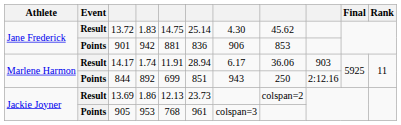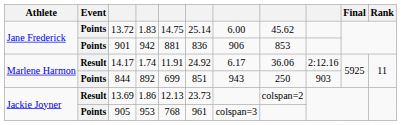 <table class=wikitable style=font-size:90%>
 <tr>
 <th>Athlete</th>
 <th>Event</th>
 <th></th>
 <th></th>
 <th></th>
 <th></th>
 <th></th>
 <th></th>
 <th></th>
 <th>Final</th>
 <th>Rank</th>
 </tr>
 <tr align=center>
 <td rowspan=2 style=text-align:left><a href='#'>Jane Frederick</a></td>
-<th style=font-size:95%>Result</th>
+<th style=font-size:95%>Points</th>
 <td>13.72</td>
 <td>1.83</td>
 <td>14.75</td>
 <td>25.14</td>
-<td>4.30</td>
+<td>6.00</td>
 <td>45.62</td>
 <td></td>
 <td rowspan=2 colspan=2></td>
 </tr>
 <tr align=center>
 <th style=font-size:95%>Points</th>
 <td>901</td>
 <td>942</td>
 <td>881</td>
 <td>836</td>
 <td>906</td>
 <td>853</td>
 <td></td>
 </tr>
 <tr align=center>
 <td rowspan=2 style=text-align:left><a href='#'>Marlene Harmon</a></td>
 <th style=font-size:95%>Result</th>
 <td>14.17</td>
 <td>1.74</td>
 <td>11.91</td>
-<td>28.94</td>
+<td>24.92</td>
 <td>6.17</td>
 <td>36.06</td>
-<td>903</td>
+<td>2:12.16</td>
 <td rowspan=2>5925</td>
 <td rowspan=2>11</td>
 </tr>
 <tr align=center>
 <th style=font-size:95%>Points</th>
 <td>844</td>
 <td>892</td>
 <td>699</td>
 <td>851</td>
 <td>943</td>
 <td>250</td>
-<td>2:12.16</td>
+<td>903</td>
 </tr>
 <tr align=center>
 <td rowspan=2 style=text-align:left><a href='#'>Jackie Joyner</a></td>
 <th style=font-size:95%>Result</th>
 <td>13.69</td>
 <td>1.86</td>
 <td>12.13</td>
 <td>23.73</td>
 <td></td>
 <td>colspan=2 </td>
 <td rowspan=2 colspan=2></td>
 </tr>
 <tr align=center>
 <th style=font-size:95%>Points</th>
 <td>905</td>
 <td>953</td>
 <td>768</td>
 <td>961</td>
 <td>colspan=3 </td>
 </tr>
 </table>
